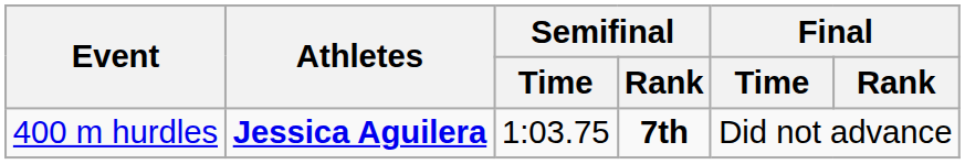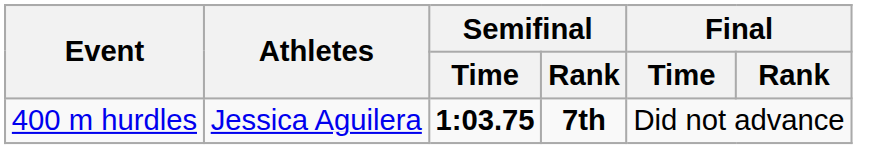 <table class="wikitable" border="1" style="font-size:90%">
 <tr>
 <th rowspan=2>Event</th>
 <th rowspan=2>Athletes</th>
 <th colspan=2>Semifinal</th>
 <th colspan=2>Final</th>
 </tr>
 <tr>
 <th>Time</th>
 <th>Rank</th>
 <th>Time</th>
 <th>Rank</th>
 </tr>
 <tr>
 <td><a href='#'>400 m hurdles</a></td>
-<td><strong><a href='#'>Jessica Aguilera</a></strong></td>
-<td align=center>1:03.75</td>
+<td><a href='#'>Jessica Aguilera</a></td>
+<td align=center><strong>1:03.75</strong></td>
 <td align=center><strong>7th</strong></td>
 <td align=center colspan=2>Did not advance</td>
 </tr>
 </table>
